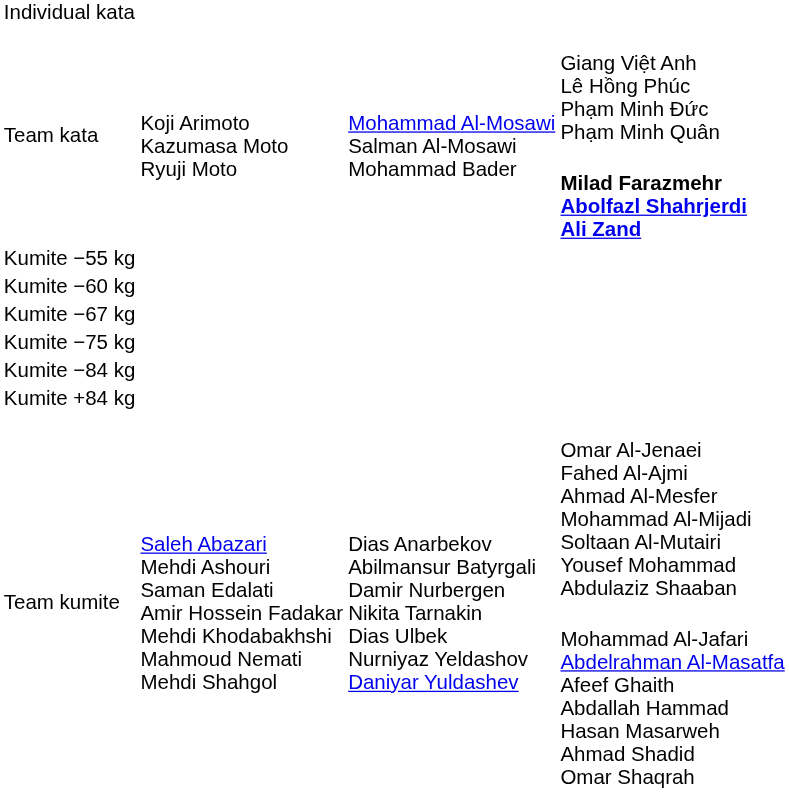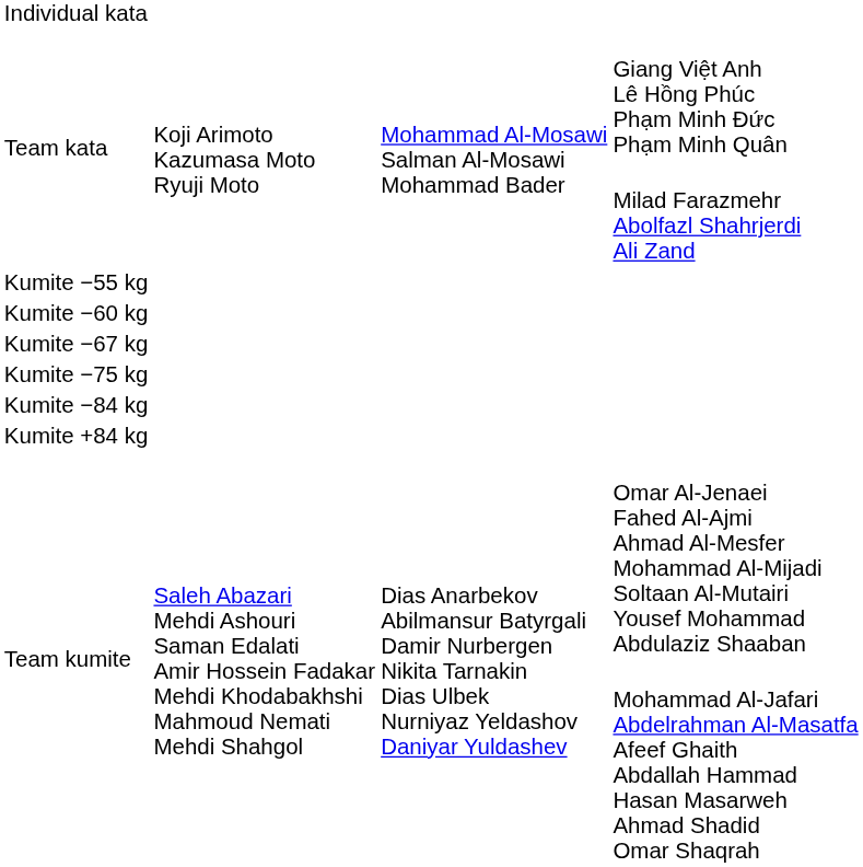 <table>
 <tr>
 <td rowspan=2>Individual kata</td>
 <td rowspan=2></td>
 <td rowspan=2></td>
 <td></td>
 </tr>
 <tr>
 <td></td>
 </tr>
 <tr>
 <td rowspan=2>Team kata</td>
 <td rowspan=2><br>Koji Arimoto<br>Kazumasa Moto<br>Ryuji Moto</td>
 <td rowspan=2><br><a href='#'>Mohammad Al-Mosawi</a><br>Salman Al-Mosawi<br>Mohammad Bader</td>
 <td><br>Giang Việt Anh<br>Lê Hồng Phúc<br>Phạm Minh Đức<br>Phạm Minh Quân</td>
 </tr>
 <tr>
-<td><strong><br>Milad Farazmehr<br><a href='#'>Abolfazl Shahrjerdi</a><br><a href='#'>Ali Zand</a></strong></td>
+<td><br>Milad Farazmehr<br><a href='#'>Abolfazl Shahrjerdi</a><br><a href='#'>Ali Zand</a></td>
 </tr>
 <tr>
 <td rowspan=2>Kumite −55 kg</td>
 <td rowspan=2></td>
 <td rowspan=2></td>
 <td></td>
 </tr>
 <tr>
 <td></td>
 </tr>
 <tr>
 <td rowspan=2>Kumite −60 kg</td>
 <td rowspan=2></td>
 <td rowspan=2></td>
 <td></td>
 </tr>
 <tr>
 <td></td>
 </tr>
 <tr>
 <td rowspan=2>Kumite −67 kg</td>
 <td rowspan=2></td>
 <td rowspan=2></td>
 <td></td>
 </tr>
 <tr>
 <td></td>
 </tr>
 <tr>
 <td rowspan=2>Kumite −75 kg</td>
 <td rowspan=2></td>
 <td rowspan=2></td>
 <td></td>
 </tr>
 <tr>
 <td></td>
 </tr>
 <tr>
 <td rowspan=2>Kumite −84 kg</td>
 <td rowspan=2></td>
 <td rowspan=2></td>
 <td></td>
 </tr>
 <tr>
 <td></td>
 </tr>
 <tr>
 <td rowspan=2>Kumite +84 kg</td>
 <td rowspan=2></td>
 <td rowspan=2></td>
 <td></td>
 </tr>
 <tr>
 <td></td>
 </tr>
 <tr>
 <td rowspan=2>Team kumite</td>
 <td rowspan=2><br><a href='#'>Saleh Abazari</a><br>Mehdi Ashouri<br>Saman Edalati<br>Amir Hossein Fadakar<br>Mehdi Khodabakhshi<br>Mahmoud Nemati<br>Mehdi Shahgol</td>
 <td rowspan=2><br>Dias Anarbekov<br>Abilmansur Batyrgali<br>Damir Nurbergen<br>Nikita Tarnakin<br>Dias Ulbek<br>Nurniyaz Yeldashov<br><a href='#'>Daniyar Yuldashev</a></td>
 <td><br>Omar Al-Jenaei<br>Fahed Al-Ajmi<br>Ahmad Al-Mesfer<br>Mohammad Al-Mijadi<br>Soltaan Al-Mutairi<br>Yousef Mohammad<br>Abdulaziz Shaaban</td>
 </tr>
 <tr>
 <td><br>Mohammad Al-Jafari<br><a href='#'>Abdelrahman Al-Masatfa</a><br>Afeef Ghaith<br>Abdallah Hammad<br>Hasan Masarweh<br>Ahmad Shadid<br>Omar Shaqrah</td>
 </tr>
 </table>
